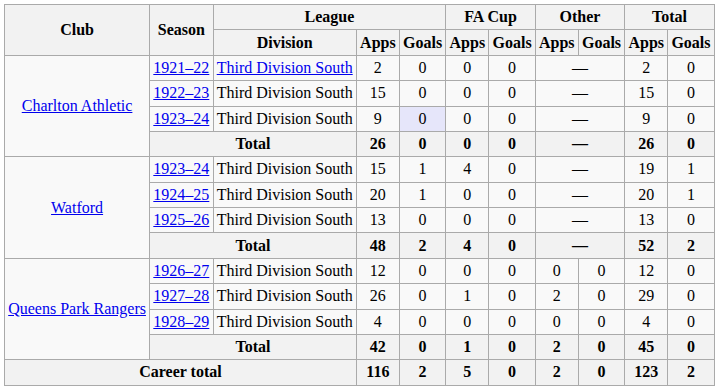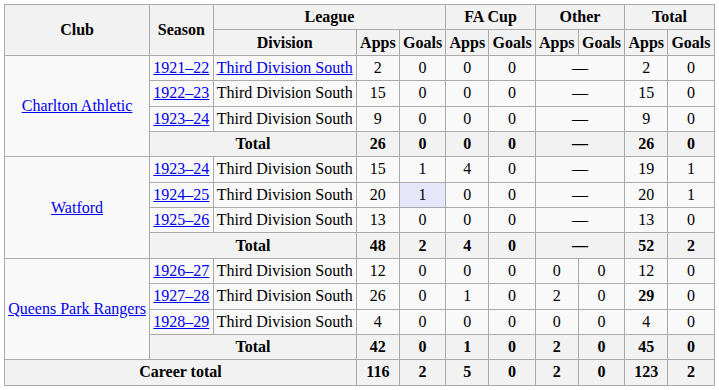 <table class="wikitable" style="text-align: center">
 <tr>
 <th rowspan="2">Club</th>
 <th rowspan="2">Season</th>
 <th colspan="3">League</th>
 <th colspan="2">FA Cup</th>
 <th colspan="2">Other</th>
 <th colspan="2">Total</th>
 </tr>
 <tr>
 <th>Division</th>
 <th>Apps</th>
 <th>Goals</th>
 <th>Apps</th>
 <th>Goals</th>
 <th>Apps</th>
 <th>Goals</th>
 <th>Apps</th>
 <th>Goals</th>
 </tr>
 <tr>
 <td rowspan="4"><a href='#'>Charlton Athletic</a></td>
 <td><a href='#'>1921–22</a></td>
 <td><a href='#'>Third Division South</a></td>
 <td>2</td>
 <td>0</td>
 <td>0</td>
 <td>0</td>
 <td colspan="2">—</td>
 <td>2</td>
 <td>0</td>
 </tr>
 <tr>
 <td><a href='#'>1922–23</a></td>
 <td>Third Division South</td>
 <td>15</td>
 <td>0</td>
 <td>0</td>
 <td>0</td>
 <td colspan="2">—</td>
 <td>15</td>
 <td>0</td>
 </tr>
 <tr>
 <td><a href='#'>1923–24</a></td>
 <td>Third Division South</td>
 <td>9</td>
-<td style="background: lavender;">0</td>
+<td>0</td>
 <td>0</td>
 <td>0</td>
 <td colspan="2">—</td>
 <td>9</td>
 <td>0</td>
 </tr>
 <tr>
 <th colspan="2">Total</th>
 <th>26</th>
 <th>0</th>
 <th>0</th>
 <th>0</th>
 <th colspan="2">—</th>
 <th>26</th>
 <th>0</th>
 </tr>
 <tr>
 <td rowspan="4"><a href='#'>Watford</a></td>
 <td><a href='#'>1923–24</a></td>
 <td>Third Division South</td>
 <td>15</td>
 <td>1</td>
 <td>4</td>
 <td>0</td>
 <td colspan="2">—</td>
 <td>19</td>
 <td>1</td>
 </tr>
 <tr>
 <td><a href='#'>1924–25</a></td>
 <td>Third Division South</td>
 <td>20</td>
-<td>1</td>
+<td style="background: lavender;">1</td>
 <td>0</td>
 <td>0</td>
 <td colspan="2">—</td>
 <td>20</td>
 <td>1</td>
 </tr>
 <tr>
 <td><a href='#'>1925–26</a></td>
 <td>Third Division South</td>
 <td>13</td>
 <td>0</td>
 <td>0</td>
 <td>0</td>
 <td colspan="2">—</td>
 <td>13</td>
 <td>0</td>
 </tr>
 <tr>
 <th colspan="2">Total</th>
 <th>48</th>
 <th>2</th>
 <th>4</th>
 <th>0</th>
 <th colspan="2">—</th>
 <th>52</th>
 <th>2</th>
 </tr>
 <tr>
 <td rowspan="4"><a href='#'>Queens Park Rangers</a></td>
 <td><a href='#'>1926–27</a></td>
 <td>Third Division South</td>
 <td>12</td>
 <td>0</td>
 <td>0</td>
 <td>0</td>
 <td>0</td>
 <td>0</td>
 <td>12</td>
 <td>0</td>
 </tr>
 <tr>
 <td><a href='#'>1927–28</a></td>
 <td>Third Division South</td>
 <td>26</td>
 <td>0</td>
 <td>1</td>
 <td>0</td>
 <td>2</td>
 <td>0</td>
-<td>29</td>
+<td><strong>29</strong></td>
 <td>0</td>
 </tr>
 <tr>
 <td><a href='#'>1928–29</a></td>
 <td>Third Division South</td>
 <td>4</td>
 <td>0</td>
 <td>0</td>
 <td>0</td>
 <td>0</td>
 <td>0</td>
 <td>4</td>
 <td>0</td>
 </tr>
 <tr>
 <th colspan="2">Total</th>
 <th>42</th>
 <th>0</th>
 <th>1</th>
 <th>0</th>
 <th>2</th>
 <th>0</th>
 <th>45</th>
 <th>0</th>
 </tr>
 <tr>
 <th colspan="3">Career total</th>
 <th>116</th>
 <th>2</th>
 <th>5</th>
 <th>0</th>
 <th>2</th>
 <th>0</th>
 <th>123</th>
 <th>2</th>
 </tr>
 </table>
